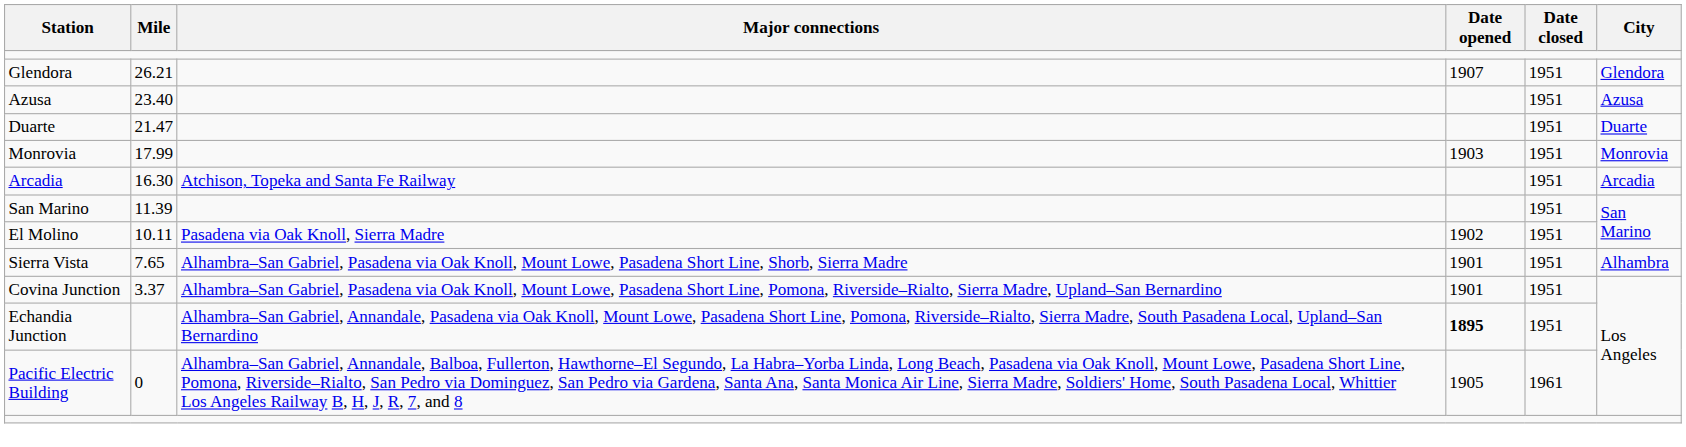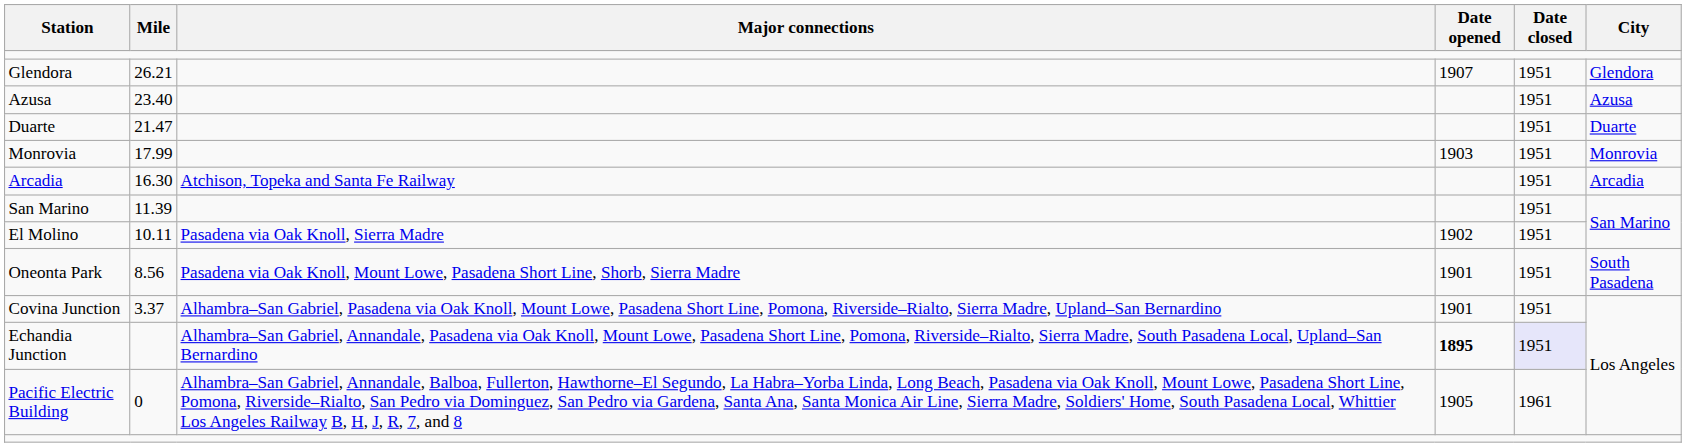 <table class="wikitable">
 <tr>
 <th>Station</th>
 <th>Mile</th>
 <th>Major connections</th>
 <th>Date opened</th>
 <th>Date closed</th>
 <th>City</th>
 </tr>
 <tr>
 <td colspan = "6"></td>
 </tr>
 <tr>
 <td>Glendora</td>
 <td>26.21</td>
 <td></td>
 <td>1907</td>
 <td>1951</td>
 <td><a href='#'>Glendora</a></td>
 </tr>
 <tr>
 <td>Azusa</td>
 <td>23.40</td>
 <td></td>
 <td></td>
 <td>1951</td>
 <td><a href='#'>Azusa</a></td>
 </tr>
 <tr>
 <td>Duarte</td>
 <td>21.47</td>
 <td></td>
 <td></td>
 <td>1951</td>
 <td><a href='#'>Duarte</a></td>
 </tr>
 <tr>
 <td>Monrovia</td>
 <td>17.99</td>
 <td></td>
 <td>1903</td>
 <td>1951</td>
 <td><a href='#'>Monrovia</a></td>
 </tr>
 <tr>
 <td><a href='#'>Arcadia</a></td>
 <td>16.30</td>
 <td><a href='#'>Atchison, Topeka and Santa Fe Railway</a></td>
 <td></td>
 <td>1951</td>
 <td><a href='#'>Arcadia</a></td>
 </tr>
 <tr>
 <td>San Marino</td>
 <td>11.39</td>
 <td></td>
 <td></td>
 <td>1951</td>
 <td rowspan=2><a href='#'>San Marino</a></td>
 </tr>
 <tr>
 <td>El Molino</td>
 <td>10.11</td>
 <td><a href='#'>Pasadena via Oak Knoll</a>, <a href='#'>Sierra Madre</a></td>
 <td>1902</td>
 <td>1951</td>
 </tr>
 <tr>
-<td>Sierra Vista</td>
-<td>7.65</td>
-<td><a href='#'>Alhambra–San Gabriel</a>, <a href='#'>Pasadena via Oak Knoll</a>, <a href='#'>Mount Lowe</a>, <a href='#'>Pasadena Short Line</a>, <a href='#'>Shorb</a>, <a href='#'>Sierra Madre</a></td>
+<td>Oneonta Park</td>
+<td>8.56</td>
+<td><a href='#'>Pasadena via Oak Knoll</a>, <a href='#'>Mount Lowe</a>, <a href='#'>Pasadena Short Line</a>, <a href='#'>Shorb</a>, <a href='#'>Sierra Madre</a></td>
 <td>1901</td>
 <td>1951</td>
-<td rowspan=1><a href='#'>Alhambra</a></td>
+<td rowspan=1><a href='#'>South Pasadena</a></td>
 </tr>
 <tr>
 <td>Covina Junction</td>
 <td>3.37</td>
 <td><a href='#'>Alhambra–San Gabriel</a>, <a href='#'>Pasadena via Oak Knoll</a>, <a href='#'>Mount Lowe</a>, <a href='#'>Pasadena Short Line</a>, <a href='#'>Pomona</a>, <a href='#'>Riverside–Rialto</a>, <a href='#'>Sierra Madre</a>, <a href='#'>Upland–San Bernardino</a></td>
 <td>1901</td>
 <td>1951</td>
 <td rowspan=3>Los Angeles</td>
 </tr>
 <tr>
 <td>Echandia Junction</td>
 <td></td>
 <td><a href='#'>Alhambra–San Gabriel</a>, <a href='#'>Annandale</a>, <a href='#'>Pasadena via Oak Knoll</a>, <a href='#'>Mount Lowe</a>, <a href='#'>Pasadena Short Line</a>, <a href='#'>Pomona</a>, <a href='#'>Riverside–Rialto</a>, <a href='#'>Sierra Madre</a>, <a href='#'>South Pasadena Local</a>, <a href='#'>Upland–San Bernardino</a></td>
 <td><strong>1895</strong></td>
-<td>1951</td>
+<td style="background: lavender;">1951</td>
 </tr>
 <tr>
 <td><a href='#'>Pacific Electric Building</a></td>
 <td>0</td>
 <td><a href='#'>Alhambra–San Gabriel</a>, <a href='#'>Annandale</a>, <a href='#'>Balboa</a>, <a href='#'>Fullerton</a>, <a href='#'>Hawthorne–El Segundo</a>, <a href='#'>La Habra–Yorba Linda</a>, <a href='#'>Long Beach</a>, <a href='#'>Pasadena via Oak Knoll</a>, <a href='#'>Mount Lowe</a>, <a href='#'>Pasadena Short Line</a>, <a href='#'>Pomona</a>, <a href='#'>Riverside–Rialto</a>, <a href='#'>San Pedro via Dominguez</a>, <a href='#'>San Pedro via Gardena</a>, <a href='#'>Santa Ana</a>, <a href='#'>Santa Monica Air Line</a>, <a href='#'>Sierra Madre</a>, <a href='#'>Soldiers' Home</a>, <a href='#'>South Pasadena Local</a>, <a href='#'>Whittier</a><br><a href='#'>Los Angeles Railway</a> <a href='#'>B</a>, <a href='#'>H</a>, <a href='#'>J</a>, <a href='#'>R</a>, <a href='#'>7</a>, and <a href='#'>8</a></td>
 <td>1905</td>
 <td>1961</td>
 </tr>
 <tr>
 <td colspan = "6"></td>
 </tr>
 </table>
